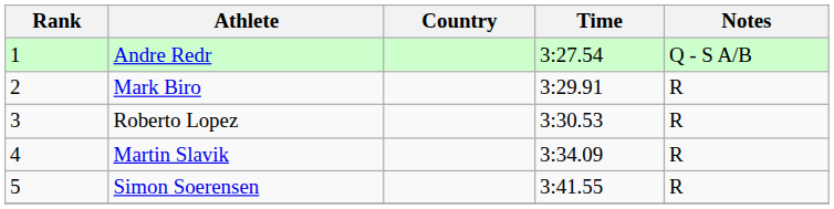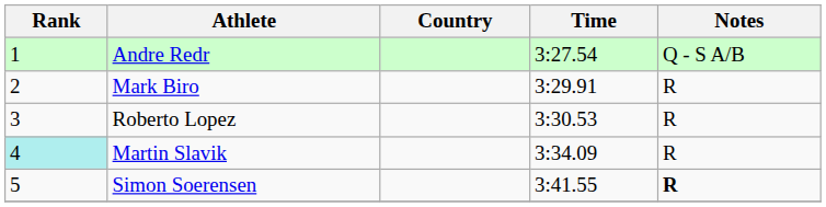 <table class="wikitable" width=50%>
 <tr>
 <th>Rank</th>
 <th>Athlete</th>
 <th>Country</th>
 <th>Time</th>
 <th>Notes</th>
 </tr>
 <tr bgcolor=ccffcc>
 <td>1</td>
 <td><a href='#'>Andre Redr</a></td>
 <td></td>
 <td>3:27.54</td>
 <td>Q - S A/B</td>
 </tr>
 <tr>
 <td>2</td>
 <td><a href='#'>Mark Biro</a></td>
 <td></td>
 <td>3:29.91</td>
 <td>R</td>
 </tr>
 <tr>
 <td>3</td>
 <td>Roberto Lopez</td>
 <td></td>
 <td>3:30.53</td>
 <td>R</td>
 </tr>
 <tr>
-<td>4</td>
+<td style="background: paleturquoise;">4</td>
 <td><a href='#'>Martin Slavik</a></td>
 <td></td>
 <td>3:34.09</td>
 <td>R</td>
 </tr>
 <tr>
 <td>5</td>
 <td><a href='#'>Simon Soerensen</a></td>
 <td></td>
 <td>3:41.55</td>
-<td>R</td>
+<td><strong>R</strong></td>
 </tr>
 <tr>
 </tr>
 </table>
